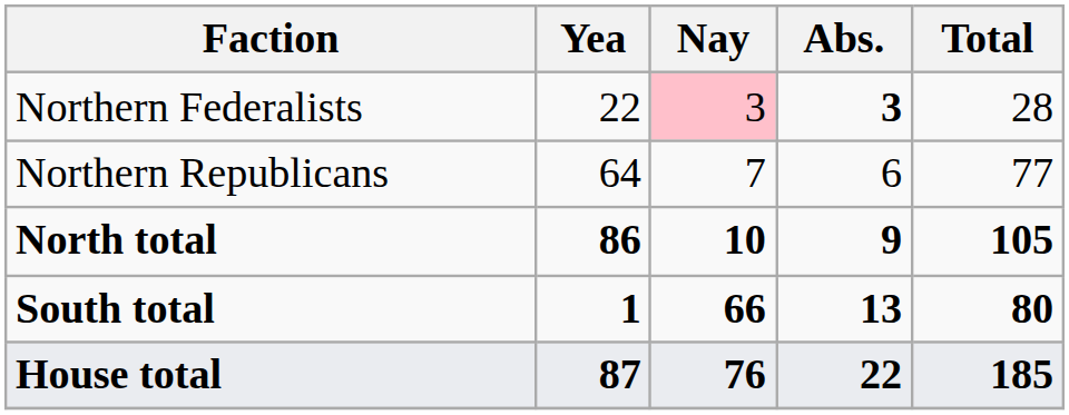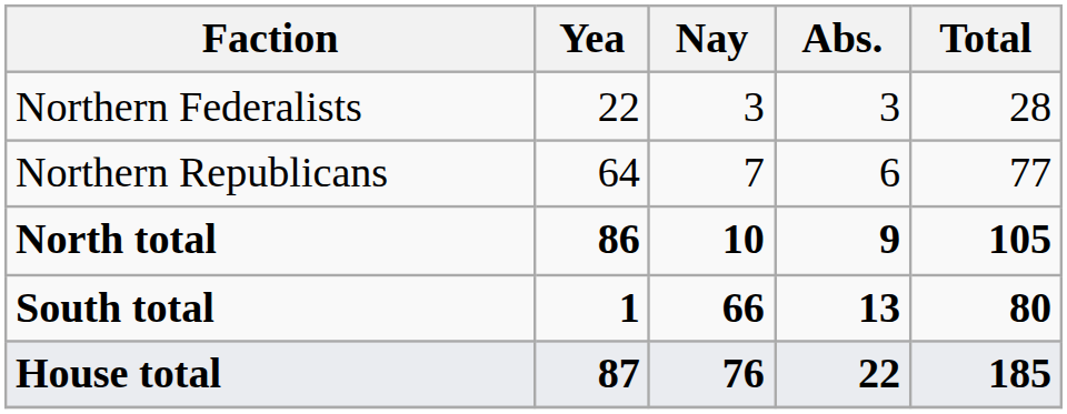 <table class="wikitable" style="text-align:right" width=400px>
 <tr>
 <th>Faction</th>
 <th>Yea</th>
 <th>Nay</th>
 <th>Abs.</th>
 <th>Total</th>
 </tr>
 <tr>
 <td align=left>Northern Federalists</td>
 <td>22</td>
-<td style="background: pink;">3</td>
-<td><strong>3</strong></td>
+<td>3</td>
+<td>3</td>
 <td>28</td>
 </tr>
 <tr>
 <td align=left>Northern Republicans</td>
 <td>64</td>
 <td>7</td>
 <td>6</td>
 <td>77</td>
 </tr>
 <tr>
 <td align=left><strong>North total</strong></td>
 <td><strong>86</strong></td>
 <td><strong>10</strong></td>
 <td><strong>9</strong></td>
 <td><strong>105</strong></td>
 </tr>
 <tr>
 <td align=left><strong>South total</strong></td>
 <td><strong>1</strong></td>
 <td><strong>66</strong></td>
 <td><strong>13</strong></td>
 <td><strong>80</strong></td>
 </tr>
 <tr style="background:#EAECF0">
 <td align=left><strong>House total</strong></td>
 <td><strong>87</strong></td>
 <td><strong>76</strong></td>
 <td><strong>22</strong></td>
 <td><strong>185</strong></td>
 </tr>
 <tr>
 </tr>
 </table>
